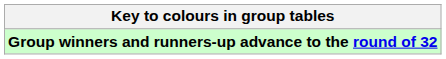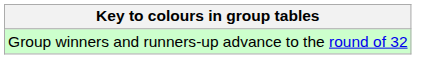 <table class="wikitable">
 <tr>
 <th>Key to colours in group tables</th>
 </tr>
 <tr bgcolor=#ccffcc>
-<td><strong>Group winners and runners-up advance to the <a href='#'>round of 32</a></strong></td>
+<td>Group winners and runners-up advance to the <a href='#'>round of 32</a></td>
 </tr>
 </table>
